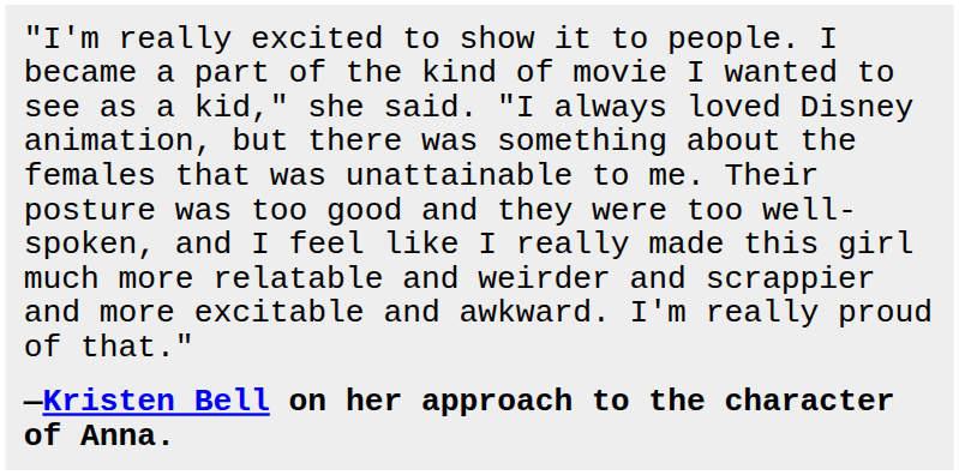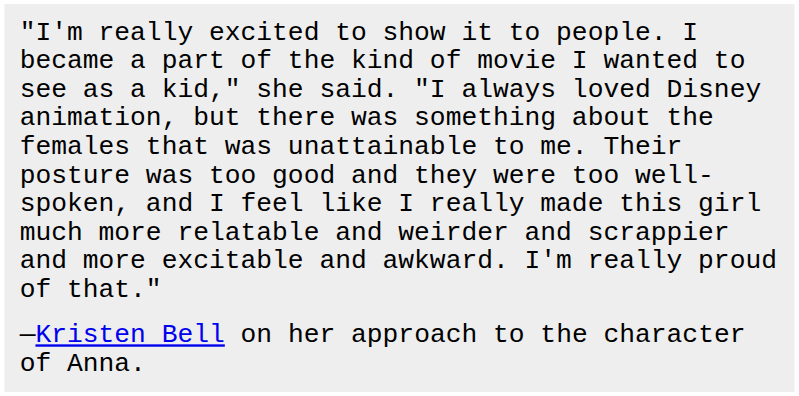 <table class="toccolours" style="float:right; margin-left:1em; margin-right:2em; font-size:85%; background:#eee; color:black; width:30em; max-width:40%;" cellspacing="5">
 <tr>
 <td style="text-align: left;">"I'm really excited to show it to people. I became a part of the kind of movie I wanted to see as a kid," she said. "I always loved Disney animation, but there was something about the females that was unattainable to me. Their posture was too good and they were too well-spoken, and I feel like I really made this girl much more relatable and weirder and scrappier and more excitable and awkward. I'm really proud of that."</td>
 </tr>
 <tr>
-<td style="text-align: left;"><strong>—<a href='#'>Kristen Bell</a> on her approach to the character of Anna.</strong></td>
+<td style="text-align: left;">—<a href='#'>Kristen Bell</a> on her approach to the character of Anna.</td>
 </tr>
 </table>
